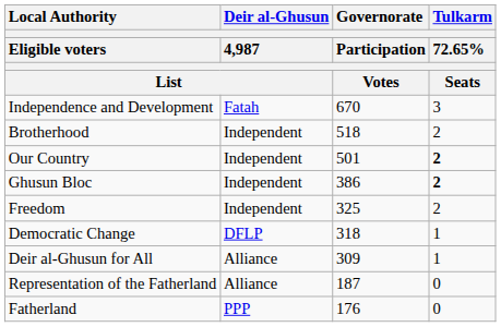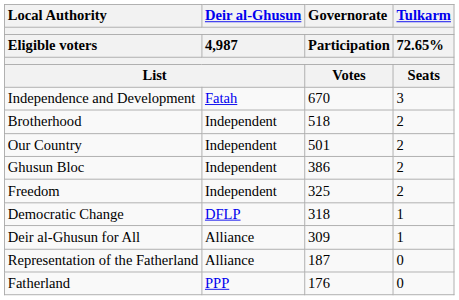 <table class="wikitable">
 <tr>
 <th style="text-align:left;">Local Authority</th>
 <th style="text-align:left;"><a href='#'>Deir al-Ghusun</a></th>
 <th style="text-align:left;">Governorate</th>
 <th style="text-align:left;"><a href='#'>Tulkarm</a></th>
 </tr>
 <tr>
 <th colspan=4></th>
 </tr>
 <tr>
 <th style="text-align:left;">Eligible voters</th>
 <th style="text-align:left;">4,987</th>
 <th style="text-align:left;">Participation</th>
 <th style="text-align:left;">72.65%</th>
 </tr>
 <tr>
 <th colspan=4></th>
 </tr>
 <tr>
 <th colspan=2>List</th>
 <th>Votes</th>
 <th>Seats</th>
 </tr>
 <tr>
 <td>Independence and Development</td>
 <td><a href='#'>Fatah</a></td>
 <td>670</td>
 <td>3</td>
 </tr>
 <tr>
 <td>Brotherhood</td>
 <td>Independent</td>
 <td>518</td>
 <td>2</td>
 </tr>
 <tr>
 <td>Our Country</td>
 <td>Independent</td>
 <td>501</td>
-<td><strong>2</strong></td>
+<td>2</td>
 </tr>
 <tr>
 <td>Ghusun Bloc</td>
 <td>Independent</td>
 <td>386</td>
-<td><strong>2</strong></td>
+<td>2</td>
 </tr>
 <tr>
 <td>Freedom</td>
 <td>Independent</td>
 <td>325</td>
 <td>2</td>
 </tr>
 <tr>
 <td>Democratic Change</td>
 <td><a href='#'>DFLP</a></td>
 <td>318</td>
 <td>1</td>
 </tr>
 <tr>
 <td>Deir al-Ghusun for All</td>
 <td>Alliance</td>
 <td>309</td>
 <td>1</td>
 </tr>
 <tr>
 <td>Representation of the Fatherland</td>
 <td>Alliance</td>
 <td>187</td>
 <td>0</td>
 </tr>
 <tr>
 <td>Fatherland</td>
 <td><a href='#'>PPP</a></td>
 <td>176</td>
 <td>0</td>
 </tr>
 </table>
